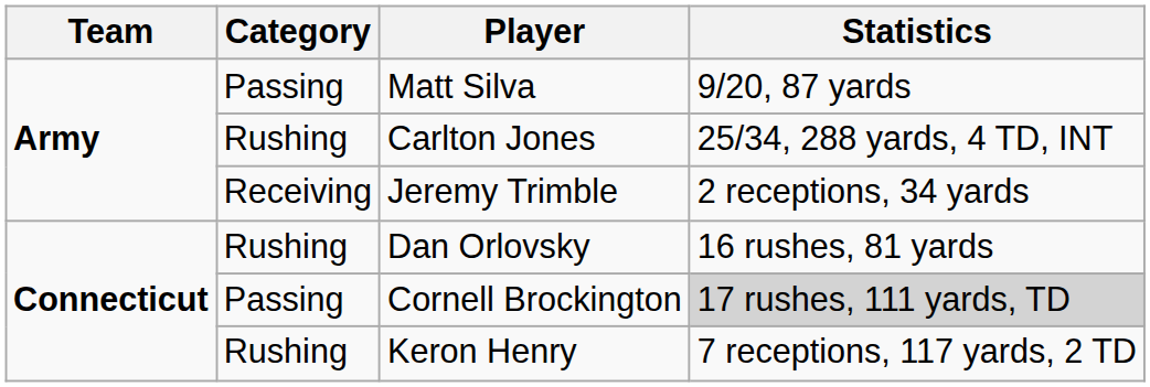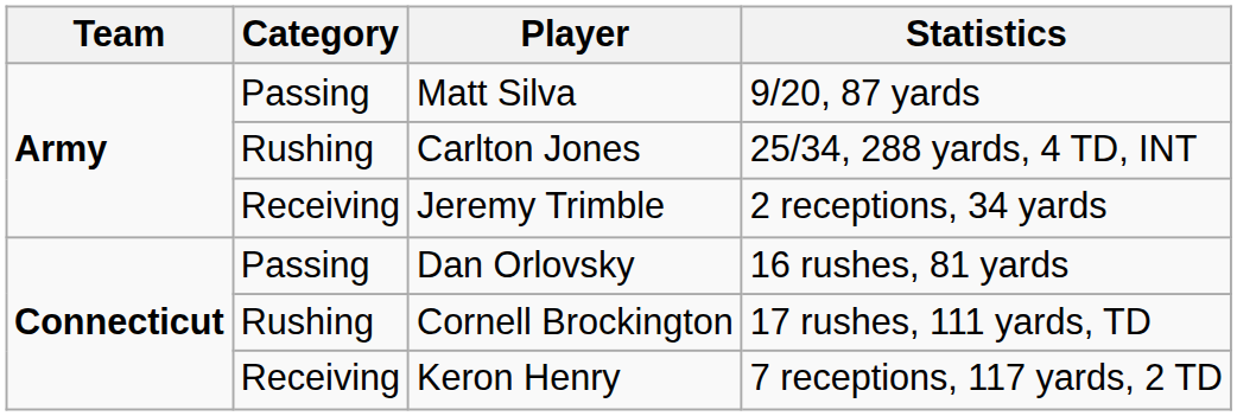 <table class="wikitable" style="float: right;">
 <tr>
 <th>Team</th>
 <th>Category</th>
 <th>Player</th>
 <th>Statistics</th>
 </tr>
 <tr>
 <td rowspan=3><strong>Army</strong></td>
 <td>Passing</td>
 <td>Matt Silva</td>
 <td>9/20, 87 yards</td>
 </tr>
 <tr>
 <td>Rushing</td>
 <td>Carlton Jones</td>
 <td>25/34, 288 yards, 4 TD, INT</td>
 </tr>
 <tr>
 <td>Receiving</td>
 <td>Jeremy Trimble</td>
 <td>2 receptions, 34 yards</td>
 </tr>
 <tr>
 <td rowspan=3><strong>Connecticut</strong></td>
-<td>Rushing</td>
+<td>Passing</td>
 <td>Dan Orlovsky</td>
 <td>16 rushes, 81 yards</td>
 </tr>
 <tr>
-<td>Passing</td>
+<td>Rushing</td>
 <td>Cornell Brockington</td>
-<td style="background: lightgrey;">17 rushes, 111 yards, TD</td>
+<td>17 rushes, 111 yards, TD</td>
 </tr>
 <tr>
-<td>Rushing</td>
+<td>Receiving</td>
 <td>Keron Henry</td>
 <td>7 receptions, 117 yards, 2 TD</td>
 </tr>
 </table>
